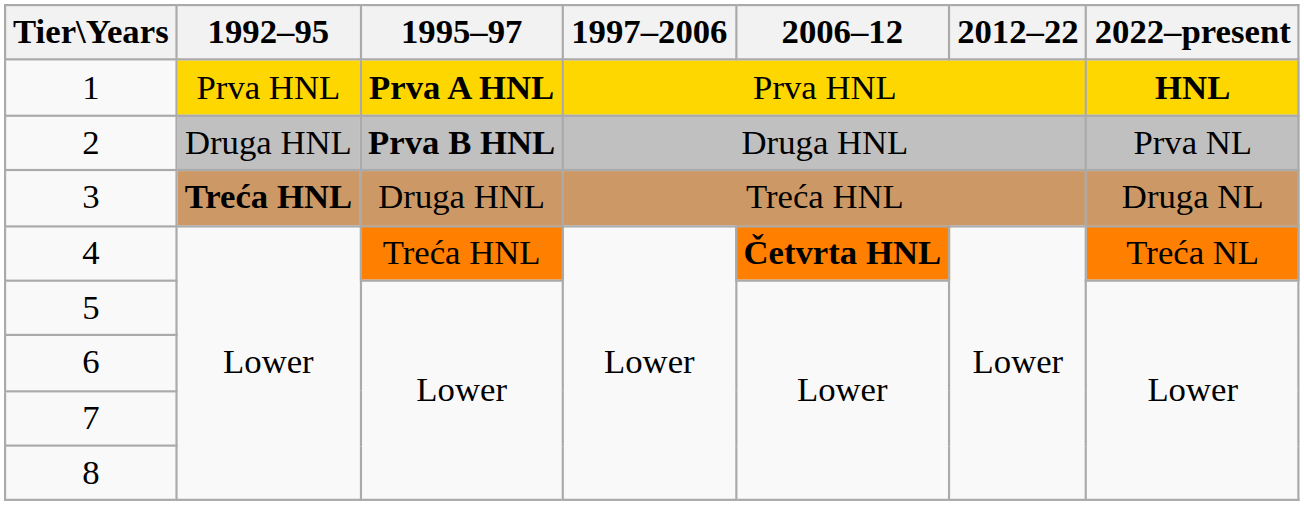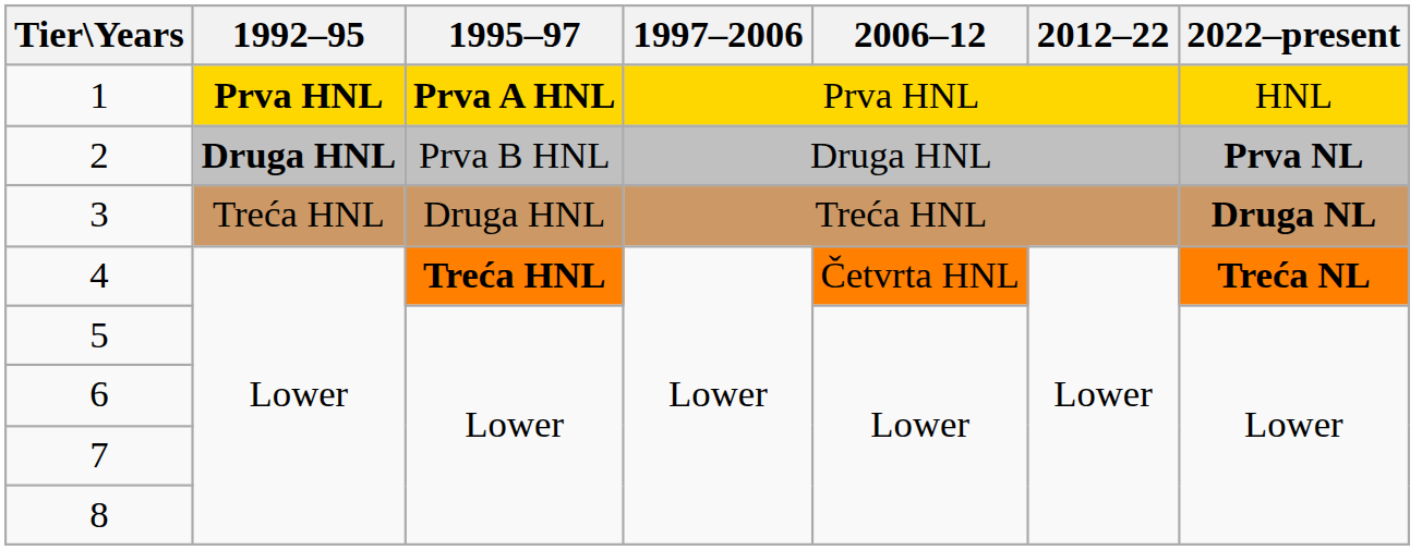 <table class="wikitable" style="text-align: center;">
 <tr>
 <th>Tier\Years</th>
 <th>1992–95</th>
 <th>1995–97</th>
 <th>1997–2006</th>
 <th>2006–12</th>
 <th>2012–22</th>
 <th>2022–present</th>
 </tr>
 <tr>
 <td>1</td>
-<td bgcolor=gold>Prva HNL</td>
+<td bgcolor=gold><strong>Prva HNL</strong></td>
 <td bgcolor=gold><strong>Prva A HNL</strong></td>
 <td colspan=3 bgcolor=gold>Prva HNL</td>
-<td bgcolor=gold><strong>HNL</strong></td>
+<td bgcolor=gold>HNL</td>
 </tr>
 <tr>
 <td>2</td>
-<td bgcolor=silver>Druga HNL</td>
-<td bgcolor=silver><strong>Prva B HNL</strong></td>
+<td bgcolor=silver><strong>Druga HNL</strong></td>
+<td bgcolor=silver>Prva B HNL</td>
 <td colspan=3 bgcolor=silver>Druga HNL</td>
-<td bgcolor=silver>Prva NL</td>
+<td bgcolor=silver><strong>Prva NL</strong></td>
 </tr>
 <tr>
 <td>3</td>
-<td bgcolor=#cc9966><strong>Treća HNL</strong></td>
+<td bgcolor=#cc9966>Treća HNL</td>
 <td bgcolor=#cc9966>Druga HNL</td>
 <td colspan=3 bgcolor=#cc9966>Treća HNL</td>
-<td bgcolor=#cc9966>Druga NL</td>
+<td bgcolor=#cc9966><strong>Druga NL</strong></td>
 </tr>
 <tr>
 <td>4</td>
 <td rowspan=5>Lower</td>
-<td bgcolor=#ff7f00>Treća HNL</td>
+<td bgcolor=#ff7f00><strong>Treća HNL</strong></td>
 <td rowspan=5>Lower</td>
-<td bgcolor=#ff7f00><strong>Četvrta HNL</strong></td>
+<td bgcolor=#ff7f00>Četvrta HNL</td>
 <td rowspan=5>Lower</td>
-<td bgcolor=#ff7f00>Treća NL</td>
+<td bgcolor=#ff7f00><strong>Treća NL</strong></td>
 </tr>
 <tr>
 <td>5</td>
 <td rowspan=4>Lower</td>
 <td rowspan=4>Lower</td>
 <td rowspan=4>Lower</td>
 </tr>
 <tr>
 <td>6</td>
 </tr>
 <tr>
 <td>7</td>
 </tr>
 <tr>
 <td>8</td>
 </tr>
 </table>
